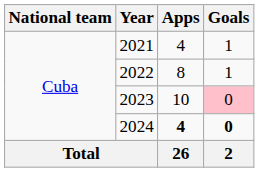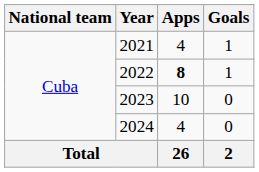 <table class="wikitable" style="text-align:center">
 <tr>
 <th>National team</th>
 <th>Year</th>
 <th>Apps</th>
 <th>Goals</th>
 </tr>
 <tr>
 <td rowspan=4><a href='#'>Cuba</a></td>
 <td>2021</td>
 <td>4</td>
 <td>1</td>
 </tr>
 <tr>
 <td>2022</td>
-<td>8</td>
+<td><strong>8</strong></td>
 <td>1</td>
 </tr>
 <tr>
 <td>2023</td>
 <td>10</td>
-<td style="background: pink;">0</td>
+<td>0</td>
 </tr>
 <tr>
 <td>2024</td>
-<td><strong>4</strong></td>
-<td><strong>0</strong></td>
+<td>4</td>
+<td>0</td>
 </tr>
 <tr>
 <th colspan=2>Total</th>
 <th>26</th>
 <th>2</th>
 </tr>
 </table>
